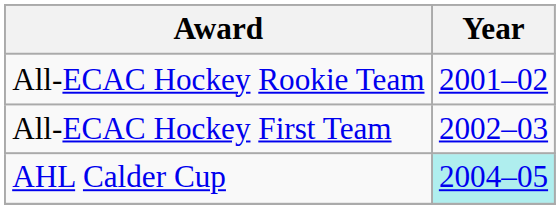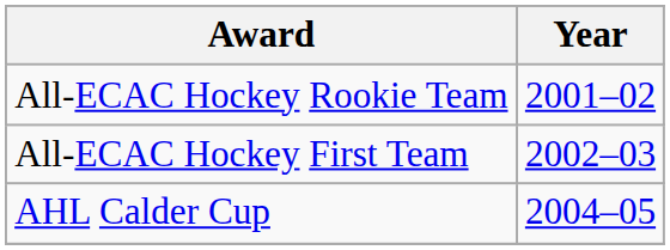 <table class="wikitable">
 <tr>
 <th>Award</th>
 <th>Year</th>
 </tr>
 <tr>
 <td>All-<a href='#'>ECAC Hockey</a> <a href='#'>Rookie Team</a></td>
 <td><a href='#'>2001–02</a></td>
 </tr>
 <tr>
 <td>All-<a href='#'>ECAC Hockey</a> <a href='#'>First Team</a></td>
 <td><a href='#'>2002–03</a></td>
 </tr>
 <tr>
 <td><a href='#'>AHL</a> <a href='#'>Calder Cup</a></td>
-<td style="background: paleturquoise;"><a href='#'>2004–05</a></td>
+<td><a href='#'>2004–05</a></td>
 </tr>
 <tr>
 </tr>
 </table>
